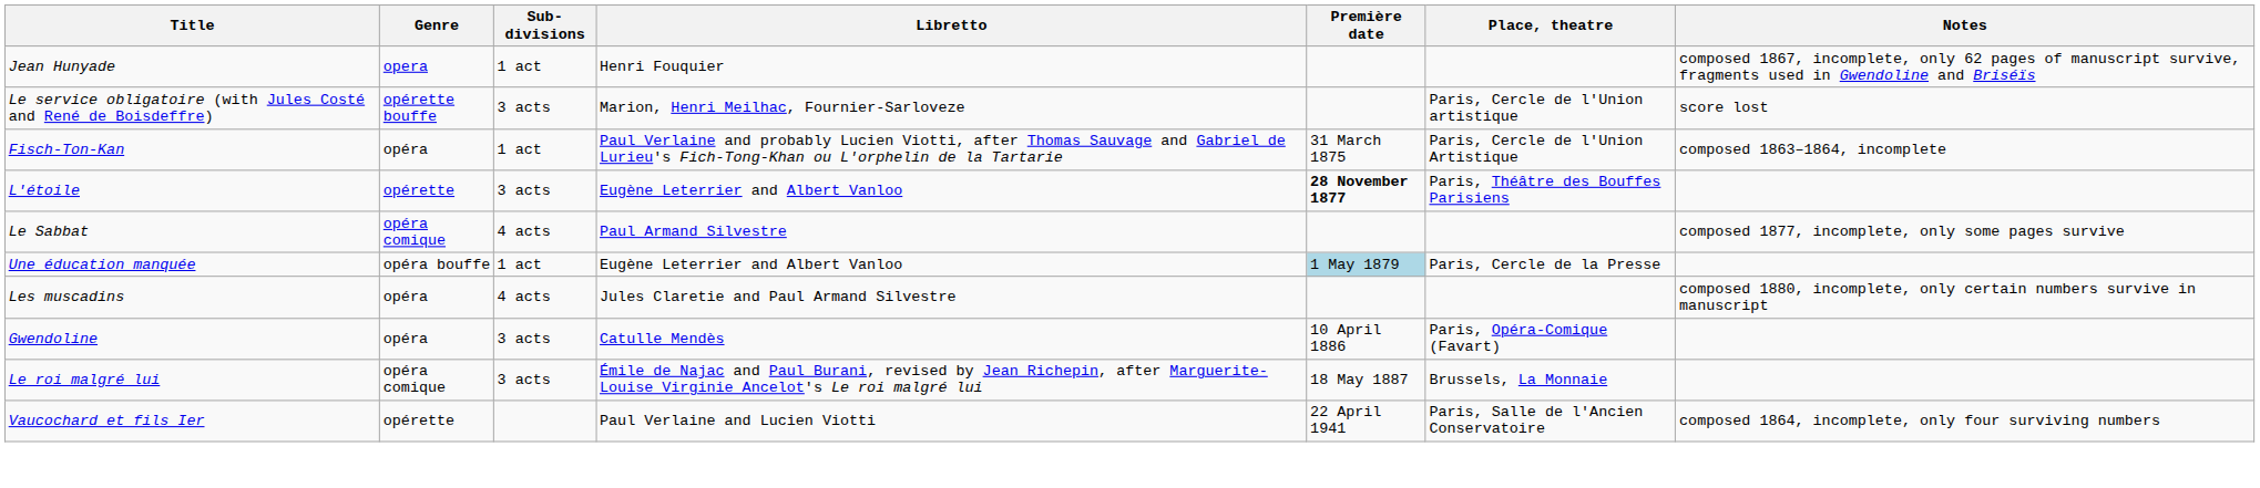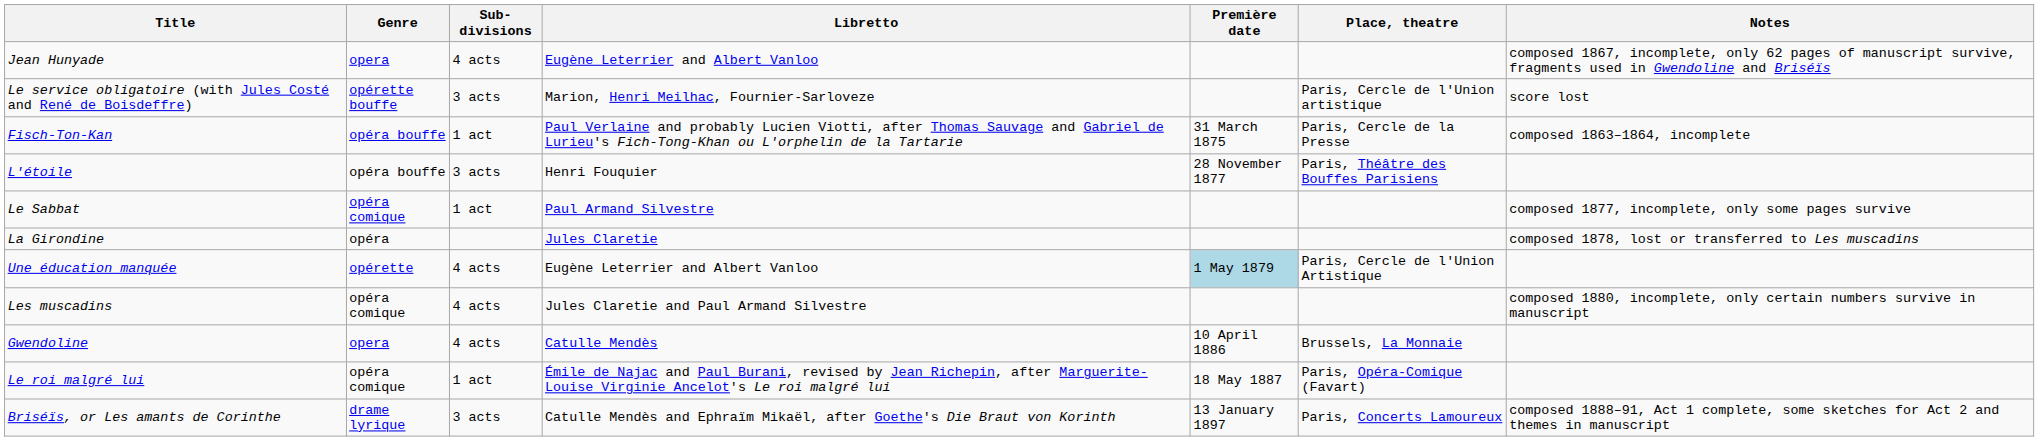 <table class="wikitable sortable">
 <tr>
 <th>Title</th>
 <th>Genre</th>
 <th>Sub­divisions</th>
 <th>Libretto</th>
 <th>Première date</th>
 <th>Place, theatre</th>
 <th>Notes</th>
 </tr>
 <tr>
 <td><em>Jean Hunyade</em></td>
 <td><a href='#'>opera</a></td>
-<td>1 act</td>
-<td>Henri Fouquier</td>
+<td>4 acts</td>
+<td><a href='#'>Eugène Leterrier</a> and <a href='#'>Albert Vanloo</a></td>
 <td></td>
 <td></td>
 <td>composed 1867, incomplete, only 62 pages of manuscript survive, fragments used in <em><a href='#'>Gwendoline</a></em> and <em><a href='#'>Briséïs</a></em></td>
 </tr>
 <tr>
 <td><em>Le service obligatoire</em> (with <a href='#'>Jules Costé</a> and <a href='#'>René de Boisdeffre</a>)</td>
 <td><a href='#'>opérette bouffe</a></td>
 <td>3 acts</td>
 <td>Marion, <a href='#'>Henri Meilhac</a>, Fournier-Sarloveze</td>
 <td></td>
 <td>Paris, Cercle de l'Union artistique</td>
 <td>score lost</td>
 </tr>
 <tr>
 <td><em><a href='#'>Fisch-Ton-Kan</a></em></td>
-<td>opéra</td>
+<td><a href='#'>opéra bouffe</a></td>
 <td>1 act</td>
 <td><a href='#'>Paul Verlaine</a> and probably Lucien Viotti, after <a href='#'>Thomas Sauvage</a> and <a href='#'>Gabriel de Lurieu</a>'s <em>Fich-Tong-Khan ou L'orphelin de la Tartarie</em></td>
 <td>31 March 1875</td>
-<td>Paris, Cercle de l'Union Artistique</td>
+<td>Paris, Cercle de la Presse</td>
 <td>composed 1863–1864, incomplete</td>
 </tr>
 <tr>
 <td><em><a href='#'>L'étoile</a></em></td>
-<td><a href='#'>opérette</a></td>
+<td>opéra bouffe</td>
 <td>3 acts</td>
-<td><a href='#'>Eugène Leterrier</a> and <a href='#'>Albert Vanloo</a></td>
-<td><strong>28 November 1877</strong></td>
+<td>Henri Fouquier</td>
+<td>28 November 1877</td>
 <td>Paris, <a href='#'>Théâtre des Bouffes Parisiens</a></td>
 <td></td>
 </tr>
 <tr>
 <td><em>Le Sabbat</em></td>
 <td><a href='#'>opéra comique</a></td>
-<td>4 acts</td>
+<td>1 act</td>
 <td><a href='#'>Paul Armand Silvestre</a></td>
 <td></td>
 <td></td>
 <td>composed 1877, incomplete, only some pages survive</td>
 </tr>
 <tr>
+<td><em>La Girondine</em></td>
+<td>opéra</td>
+<td></td>
+<td><a href='#'>Jules Claretie</a></td>
+<td></td>
+<td></td>
+<td>composed 1878, lost or transferred to <em>Les muscadins</em></td>
+</tr>
+<tr>
 <td><em><a href='#'>Une éducation manquée</a></em></td>
-<td>opéra bouffe</td>
-<td>1 act</td>
+<td><a href='#'>opérette</a></td>
+<td>4 acts</td>
 <td>Eugène Leterrier and Albert Vanloo</td>
 <td style="background: lightblue;">1 May 1879</td>
-<td>Paris, Cercle de la Presse</td>
+<td>Paris, Cercle de l'Union Artistique</td>
 <td></td>
 </tr>
 <tr>
 <td><em>Les muscadins</em></td>
-<td>opéra</td>
+<td>opéra comique</td>
 <td>4 acts</td>
 <td>Jules Claretie and Paul Armand Silvestre</td>
 <td></td>
 <td></td>
 <td>composed 1880, incomplete, only certain numbers survive in manuscript</td>
 </tr>
 <tr>
 <td><em><a href='#'>Gwendoline</a></em></td>
-<td>opéra</td>
-<td>3 acts</td>
+<td><a href='#'>opera</a></td>
+<td>4 acts</td>
 <td><a href='#'>Catulle Mendès</a></td>
 <td>10 April 1886</td>
-<td>Paris, <a href='#'>Opéra-Comique</a> (Favart)</td>
+<td>Brussels, <a href='#'>La Monnaie</a></td>
 <td></td>
 </tr>
 <tr>
 <td><em><a href='#'>Le roi malgré lui</a></em></td>
 <td>opéra comique</td>
-<td>3 acts</td>
+<td>1 act</td>
 <td><a href='#'>Émile de Najac</a> and <a href='#'>Paul Burani</a>, revised by <a href='#'>Jean Richepin</a>, after <a href='#'>Marguerite-Louise Virginie Ancelot</a>'s <em>Le roi malgré lui</em></td>
 <td>18 May 1887</td>
-<td>Brussels, <a href='#'>La Monnaie</a></td>
+<td>Paris, <a href='#'>Opéra-Comique</a> (Favart)</td>
 <td></td>
 </tr>
 <tr>
-<td><em><a href='#'>Vaucochard et fils Ier</a></em></td>
-<td>opérette</td>
-<td></td>
-<td>Paul Verlaine and Lucien Viotti</td>
-<td>22 April 1941</td>
-<td>Paris, Salle de l'Ancien Conservatoire</td>
-<td>composed 1864, incomplete, only four surviving numbers</td>
+<td><em><a href='#'>Briséïs</a>, or Les amants de Corinthe</em></td>
+<td><a href='#'>drame lyrique</a></td>
+<td>3 acts</td>
+<td>Catulle Mendès and Ephraïm Mikaël, after <a href='#'>Goethe</a>'s <em>Die Braut von Korinth</em></td>
+<td>13 January 1897</td>
+<td>Paris, <a href='#'>Concerts Lamoureux</a></td>
+<td>composed 1888–91, Act 1 complete, some sketches for Act 2 and themes in manuscript </td>
 </tr>
 </table>
